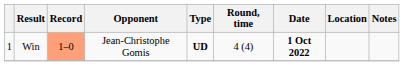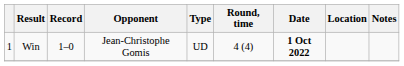 <table class="wikitable" style="text-align:center">
 <tr>
 <th></th>
 <th>Result</th>
 <th>Record</th>
 <th>Opponent</th>
 <th>Type</th>
 <th>Round, time</th>
 <th>Date</th>
 <th>Location</th>
 <th>Notes</th>
 </tr>
 <tr>
 <td>1</td>
 <td>Win</td>
-<td style="background: lightsalmon;">1–0</td>
+<td>1–0</td>
 <td>Jean-Christophe Gomis</td>
-<td><strong>UD</strong></td>
+<td>UD</td>
 <td>4 (4)</td>
 <td><strong>1 Oct 2022</strong></td>
 <td align=left></td>
 <td align=left></td>
 </tr>
 <tr>
 </tr>
 </table>
